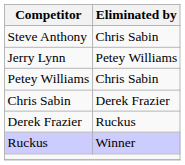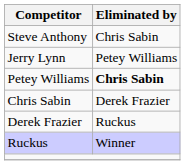 <table class="wikitable">
 <tr>
 <th>Competitor</th>
 <th>Eliminated by</th>
 </tr>
 <tr>
 <td>Steve Anthony</td>
 <td>Chris Sabin</td>
 </tr>
 <tr>
 <td>Jerry Lynn</td>
 <td>Petey Williams</td>
 </tr>
 <tr>
 <td>Petey Williams</td>
-<td>Chris Sabin</td>
+<td><strong>Chris Sabin</strong></td>
 </tr>
 <tr>
 <td>Chris Sabin</td>
 <td>Derek Frazier</td>
 </tr>
 <tr>
 <td>Derek Frazier</td>
 <td>Ruckus</td>
 </tr>
 <tr style="background: #CCCCFF;">
 <td>Ruckus</td>
 <td>Winner</td>
 </tr>
 <tr>
 <td colspan="2"></td>
 </tr>
 <tr>
 </tr>
 </table>
